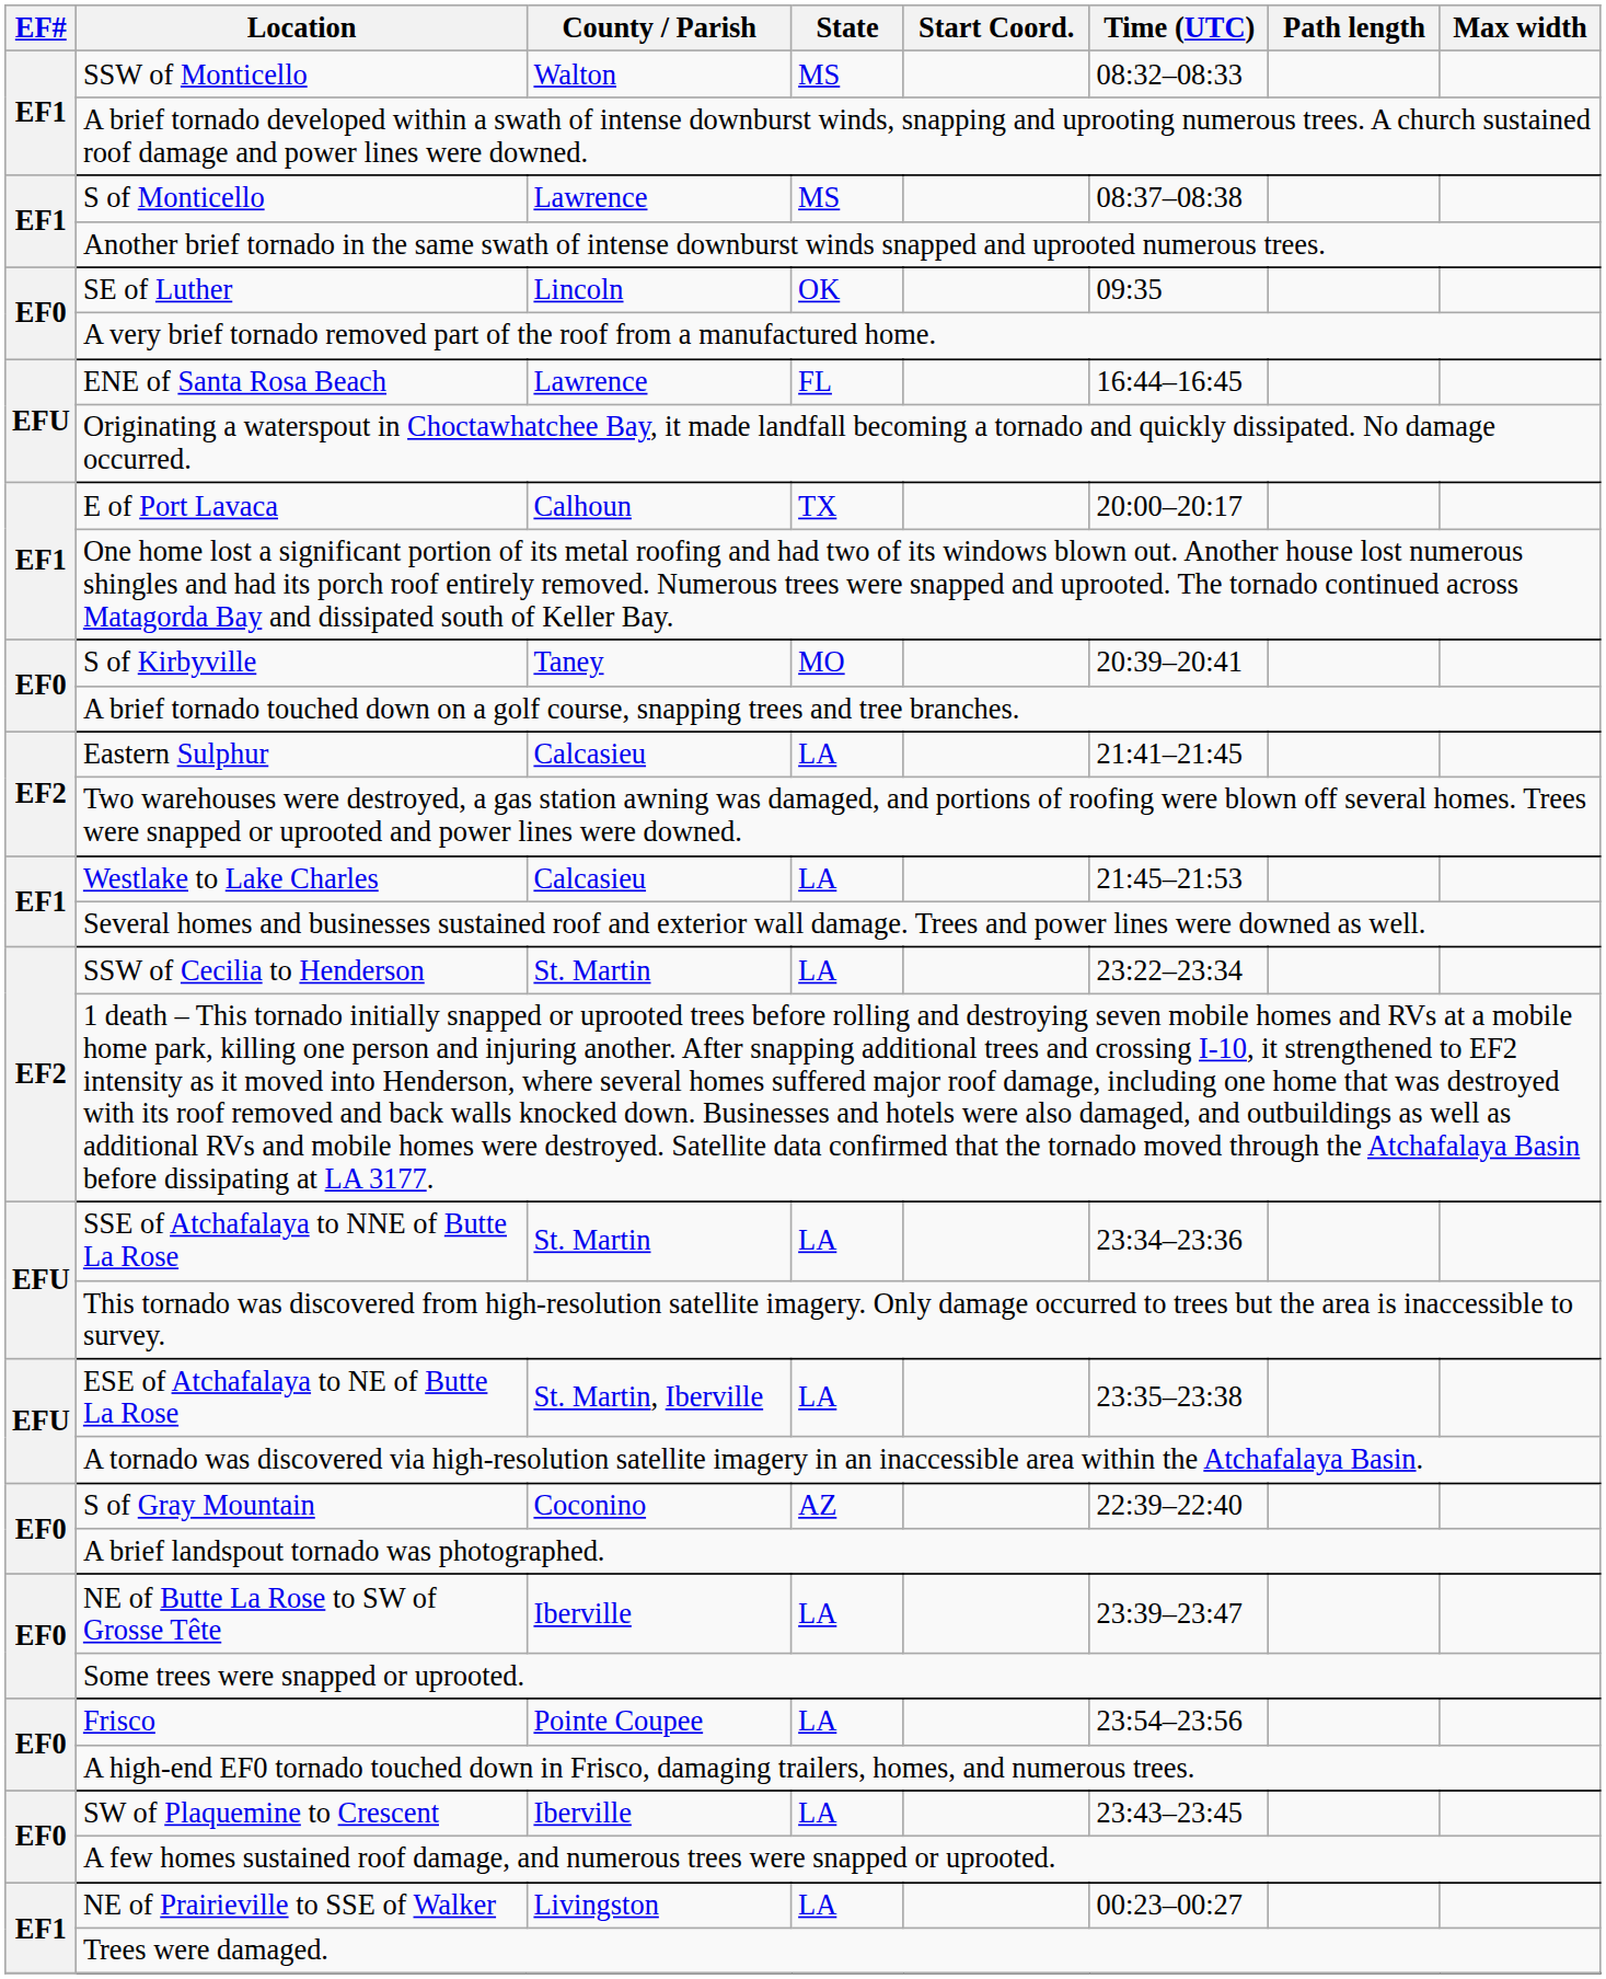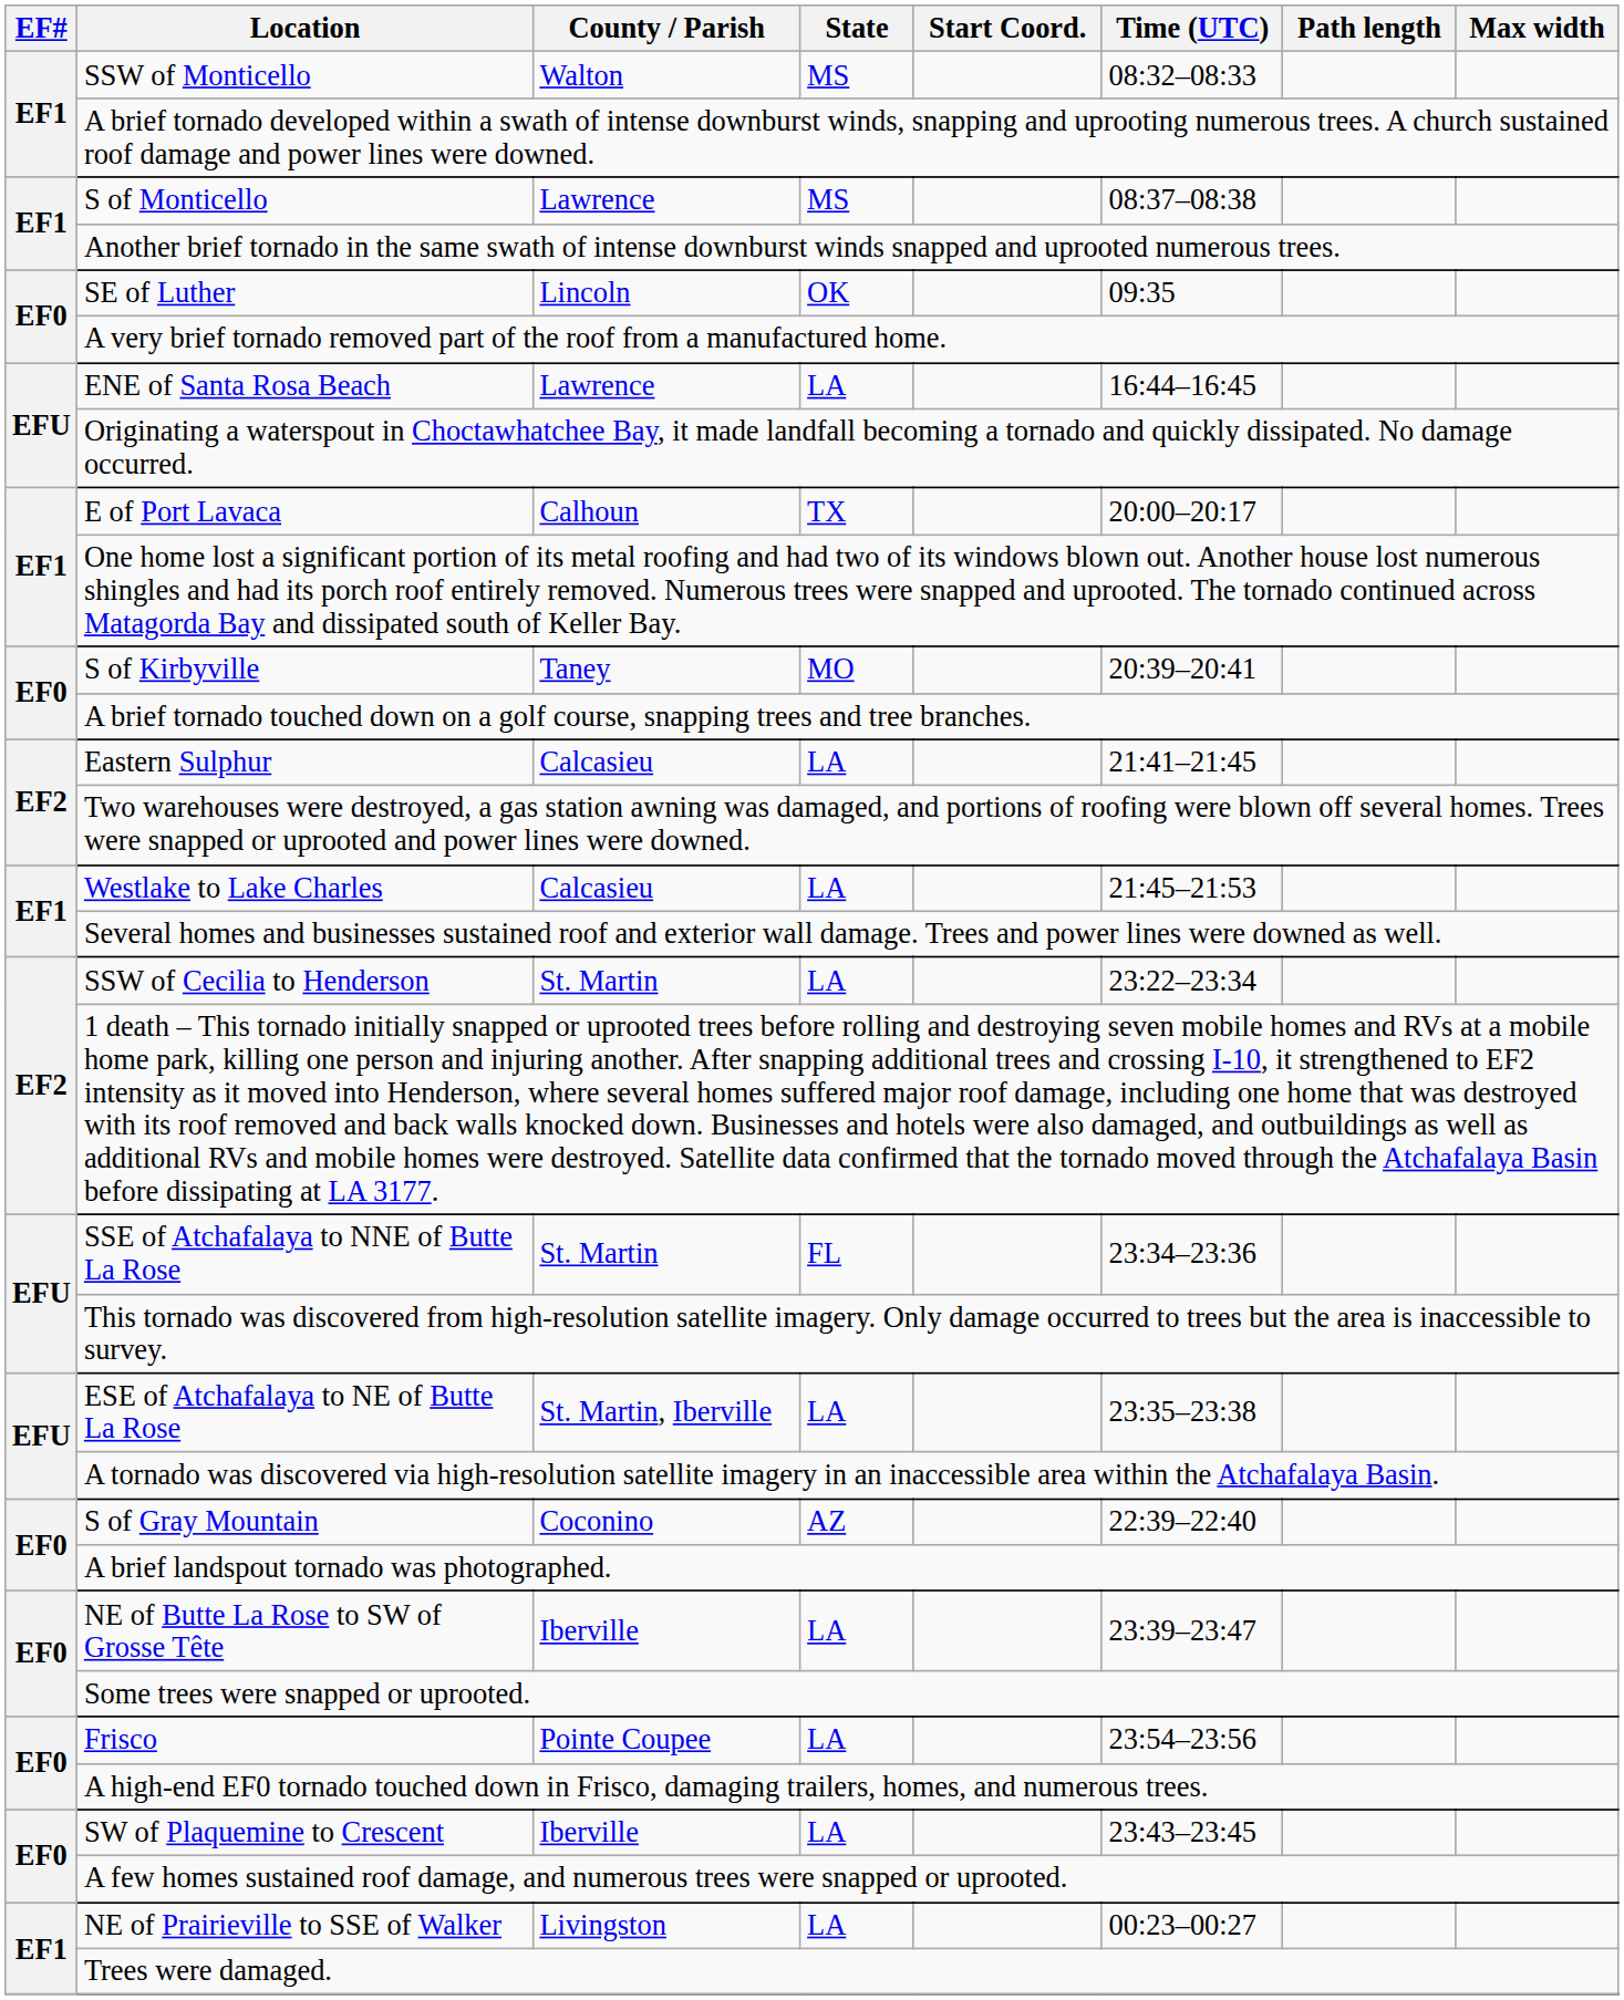 <table class="wikitable sortable" style="width:100%;">
 <tr>
 <th scope="col" width="2%" align="center"><a href='#'>EF#</a></th>
 <th scope="col" align="center" class="unsortable">Location</th>
 <th scope="col" align="center" class="unsortable">County / Parish</th>
 <th scope="col" align="center">State</th>
 <th scope="col" align="center">Start Coord.</th>
 <th scope="col" align="center">Time (<a href='#'>UTC</a>)</th>
 <th scope="col" align="center">Path length</th>
 <th scope="col" align="center">Max width</th>
 </tr>
 <tr>
 <th scope="row" rowspan="2" style="background-color:#">EF1</th>
 <td>SSW of <a href='#'>Monticello</a></td>
 <td><a href='#'>Walton</a></td>
 <td><a href='#'>MS</a></td>
 <td></td>
 <td>08:32–08:33</td>
 <td></td>
 <td></td>
 </tr>
 <tr class="expand-child">
 <td colspan="8" style=" border-bottom: 1px solid black;">A brief tornado developed within a swath of intense downburst winds, snapping and uprooting numerous trees. A church sustained roof damage and power lines were downed.</td>
 </tr>
 <tr>
 <th scope="row" rowspan="2" style="background-color:#">EF1</th>
 <td>S of <a href='#'>Monticello</a></td>
 <td><a href='#'>Lawrence</a></td>
 <td><a href='#'>MS</a></td>
 <td></td>
 <td>08:37–08:38</td>
 <td></td>
 <td></td>
 </tr>
 <tr class="expand-child">
 <td colspan="8" style=" border-bottom: 1px solid black;">Another brief tornado in the same swath of intense downburst winds snapped and uprooted numerous trees.</td>
 </tr>
 <tr>
 <th scope="row" rowspan="2" style="background-color:#">EF0</th>
 <td>SE of <a href='#'>Luther</a></td>
 <td><a href='#'>Lincoln</a></td>
 <td><a href='#'>OK</a></td>
 <td></td>
 <td>09:35</td>
 <td></td>
 <td></td>
 </tr>
 <tr class="expand-child">
 <td colspan="8" style=" border-bottom: 1px solid black;">A very brief tornado removed part of the roof from a manufactured home.</td>
 </tr>
 <tr>
 <th scope="row" rowspan="2" style="background-color:#">EFU</th>
 <td>ENE of <a href='#'>Santa Rosa Beach</a></td>
 <td><a href='#'>Lawrence</a></td>
-<td><a href='#'>FL</a></td>
+<td><a href='#'>LA</a></td>
 <td></td>
 <td>16:44–16:45</td>
 <td></td>
 <td></td>
 </tr>
 <tr class="expand-child">
 <td colspan="8" style=" border-bottom: 1px solid black;">Originating a waterspout in <a href='#'>Choctawhatchee Bay</a>, it made landfall becoming a tornado and quickly dissipated. No damage occurred.</td>
 </tr>
 <tr>
 <th scope="row" rowspan="2" style="background-color:#">EF1</th>
 <td>E of <a href='#'>Port Lavaca</a></td>
 <td><a href='#'>Calhoun</a></td>
 <td><a href='#'>TX</a></td>
 <td></td>
 <td>20:00–20:17</td>
 <td></td>
 <td></td>
 </tr>
 <tr class="expand-child">
 <td colspan="8" style=" border-bottom: 1px solid black;">One home lost a significant portion of its metal roofing and had two of its windows blown out. Another house lost numerous shingles and had its porch roof entirely removed. Numerous trees were snapped and uprooted. The tornado continued across <a href='#'>Matagorda Bay</a> and dissipated south of Keller Bay.</td>
 </tr>
 <tr>
 <th scope="row" rowspan="2" style="background-color:#">EF0</th>
 <td>S of <a href='#'>Kirbyville</a></td>
 <td><a href='#'>Taney</a></td>
 <td><a href='#'>MO</a></td>
 <td></td>
 <td>20:39–20:41</td>
 <td></td>
 <td></td>
 </tr>
 <tr class="expand-child">
 <td colspan="8" style=" border-bottom: 1px solid black;">A brief tornado touched down on a golf course, snapping trees and tree branches.</td>
 </tr>
 <tr>
 <th scope="row" rowspan="2" style="background-color:#">EF2</th>
 <td>Eastern <a href='#'>Sulphur</a></td>
 <td><a href='#'>Calcasieu</a></td>
 <td><a href='#'>LA</a></td>
 <td></td>
 <td>21:41–21:45</td>
 <td></td>
 <td></td>
 </tr>
 <tr class="expand-child">
 <td colspan="8" style=" border-bottom: 1px solid black;">Two warehouses were destroyed, a gas station awning was damaged, and portions of roofing were blown off several homes. Trees were snapped or uprooted and power lines were downed.</td>
 </tr>
 <tr>
 <th scope="row" rowspan="2" style="background-color:#">EF1</th>
 <td><a href='#'>Westlake</a> to <a href='#'>Lake Charles</a></td>
 <td><a href='#'>Calcasieu</a></td>
 <td><a href='#'>LA</a></td>
 <td></td>
 <td>21:45–21:53</td>
 <td></td>
 <td></td>
 </tr>
 <tr class="expand-child">
 <td colspan="8" style=" border-bottom: 1px solid black;">Several homes and businesses sustained roof and exterior wall damage. Trees and power lines were downed as well.</td>
 </tr>
 <tr>
 <th scope="row" rowspan="2" style="background-color:#">EF2</th>
 <td>SSW of <a href='#'>Cecilia</a> to <a href='#'>Henderson</a></td>
 <td><a href='#'>St. Martin</a></td>
 <td><a href='#'>LA</a></td>
 <td></td>
 <td>23:22–23:34</td>
 <td></td>
 <td></td>
 </tr>
 <tr class="expand-child">
 <td colspan="8" style=" border-bottom: 1px solid black;">1 death – This tornado initially snapped or uprooted trees before rolling and destroying seven mobile homes and RVs at a mobile home park, killing one person and injuring another. After snapping additional trees and crossing <a href='#'>I-10</a>, it strengthened to EF2 intensity as it moved into Henderson, where several homes suffered major roof damage, including one home that was destroyed with its roof removed and back walls knocked down. Businesses and hotels were also damaged, and outbuildings as well as additional RVs and mobile homes were destroyed. Satellite data confirmed that the tornado moved through the <a href='#'>Atchafalaya Basin</a> before dissipating at <a href='#'>LA 3177</a>.</td>
 </tr>
 <tr>
 <th scope="row" rowspan="2" style="background-color:#">EFU</th>
 <td>SSE of <a href='#'>Atchafalaya</a> to NNE of <a href='#'>Butte La Rose</a></td>
 <td><a href='#'>St. Martin</a></td>
-<td><a href='#'>LA</a></td>
+<td><a href='#'>FL</a></td>
 <td></td>
 <td>23:34–23:36</td>
 <td></td>
 <td></td>
 </tr>
 <tr class="expand-child">
 <td colspan="8" style=" border-bottom: 1px solid black;">This tornado was discovered from high-resolution satellite imagery. Only damage occurred to trees but the area is inaccessible to survey.</td>
 </tr>
 <tr>
 <th scope="row" rowspan="2" style="background-color:#">EFU</th>
 <td>ESE of <a href='#'>Atchafalaya</a> to NE of <a href='#'>Butte La Rose</a></td>
 <td><a href='#'>St. Martin</a>, <a href='#'>Iberville</a></td>
 <td><a href='#'>LA</a></td>
 <td></td>
 <td>23:35–23:38</td>
 <td></td>
 <td></td>
 </tr>
 <tr class="expand-child">
 <td colspan="8" style=" border-bottom: 1px solid black;">A tornado was discovered via high-resolution satellite imagery in an inaccessible area within the <a href='#'>Atchafalaya Basin</a>.</td>
 </tr>
 <tr>
 <th scope="row" rowspan="2" style="background-color:#">EF0</th>
 <td>S of <a href='#'>Gray Mountain</a></td>
 <td><a href='#'>Coconino</a></td>
 <td><a href='#'>AZ</a></td>
 <td></td>
 <td>22:39–22:40</td>
 <td></td>
 <td></td>
 </tr>
 <tr class="expand-child">
 <td colspan="8" style=" border-bottom: 1px solid black;">A brief landspout tornado was photographed.</td>
 </tr>
 <tr>
 <th scope="row" rowspan="2" style="background-color:#">EF0</th>
 <td>NE of <a href='#'>Butte La Rose</a> to SW of <a href='#'>Grosse Tête</a></td>
 <td><a href='#'>Iberville</a></td>
 <td><a href='#'>LA</a></td>
 <td></td>
 <td>23:39–23:47</td>
 <td></td>
 <td></td>
 </tr>
 <tr class="expand-child">
 <td colspan="8" style=" border-bottom: 1px solid black;">Some trees were snapped or uprooted.</td>
 </tr>
 <tr>
 <th scope="row" rowspan="2" style="background-color:#">EF0</th>
 <td><a href='#'>Frisco</a></td>
 <td><a href='#'>Pointe Coupee</a></td>
 <td><a href='#'>LA</a></td>
 <td></td>
 <td>23:54–23:56</td>
 <td></td>
 <td></td>
 </tr>
 <tr class="expand-child">
 <td colspan="8" style=" border-bottom: 1px solid black;">A high-end EF0 tornado touched down in Frisco, damaging trailers, homes, and numerous trees.</td>
 </tr>
 <tr>
 <th scope="row" rowspan="2" style="background-color:#">EF0</th>
 <td>SW of <a href='#'>Plaquemine</a> to <a href='#'>Crescent</a></td>
 <td><a href='#'>Iberville</a></td>
 <td><a href='#'>LA</a></td>
 <td></td>
 <td>23:43–23:45</td>
 <td></td>
 <td></td>
 </tr>
 <tr class="expand-child">
 <td colspan="8" style=" border-bottom: 1px solid black;">A few homes sustained roof damage, and numerous trees were snapped or uprooted.</td>
 </tr>
 <tr>
 <th scope="row" rowspan="2" style="background-color:#">EF1</th>
 <td>NE of <a href='#'>Prairieville</a> to SSE of <a href='#'>Walker</a></td>
 <td><a href='#'>Livingston</a></td>
 <td><a href='#'>LA</a></td>
 <td></td>
 <td>00:23–00:27</td>
 <td></td>
 <td></td>
 </tr>
 <tr class="expand-child">
 <td colspan="8" style=" border-bottom: 1px solid black;">Trees were damaged.</td>
 </tr>
 <tr>
 </tr>
 </table>
